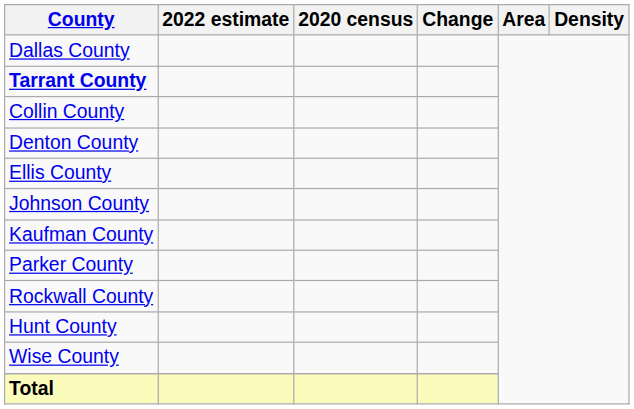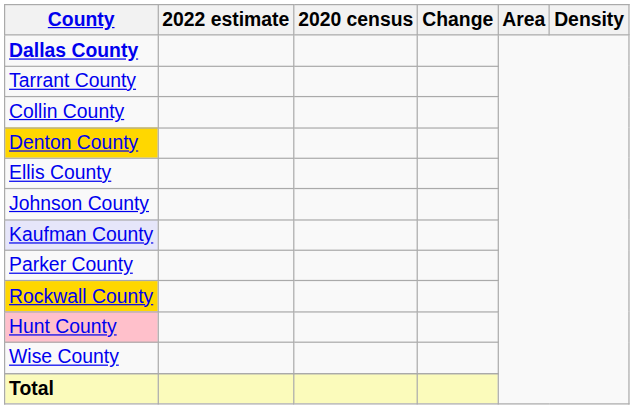 <table class="wikitable sortable">
 <tr>
 <th><a href='#'>County</a></th>
 <th>2022 estimate</th>
 <th>2020 census</th>
 <th>Change</th>
 <th>Area</th>
 <th>Density</th>
 </tr>
 <tr>
-<td><a href='#'>Dallas County</a></td>
+<td><strong><a href='#'>Dallas County</a></strong></td>
 <td></td>
 <td></td>
 <td></td>
 </tr>
 <tr>
-<td><strong><a href='#'>Tarrant County</a></strong></td>
+<td><a href='#'>Tarrant County</a></td>
 <td></td>
 <td></td>
 <td></td>
 </tr>
 <tr>
 <td><a href='#'>Collin County</a></td>
 <td></td>
 <td></td>
 <td></td>
 </tr>
 <tr>
-<td><a href='#'>Denton County</a></td>
+<td style="background: gold;"><a href='#'>Denton County</a></td>
 <td></td>
 <td></td>
 <td></td>
 </tr>
 <tr>
 <td><a href='#'>Ellis County</a></td>
 <td></td>
 <td></td>
 <td></td>
 </tr>
 <tr>
 <td><a href='#'>Johnson County</a></td>
 <td></td>
 <td></td>
 <td></td>
 </tr>
 <tr>
-<td><a href='#'>Kaufman County</a></td>
+<td style="background: lavender;"><a href='#'>Kaufman County</a></td>
 <td></td>
 <td></td>
 <td></td>
 </tr>
 <tr>
 <td><a href='#'>Parker County</a></td>
 <td></td>
 <td></td>
 <td></td>
 </tr>
 <tr>
-<td><a href='#'>Rockwall County</a></td>
+<td style="background: gold;"><a href='#'>Rockwall County</a></td>
 <td></td>
 <td></td>
 <td></td>
 </tr>
 <tr>
-<td><a href='#'>Hunt County</a></td>
+<td style="background: pink;"><a href='#'>Hunt County</a></td>
 <td></td>
 <td></td>
 <td></td>
 </tr>
 <tr>
 <td><a href='#'>Wise County</a></td>
 <td></td>
 <td></td>
 <td></td>
 </tr>
 <tr>
 </tr>
 <tr class="sortbottom" style="background:#fbfbbb">
 <td><strong>Total</strong></td>
 <td></td>
 <td></td>
 <td></td>
 </tr>
 </table>
